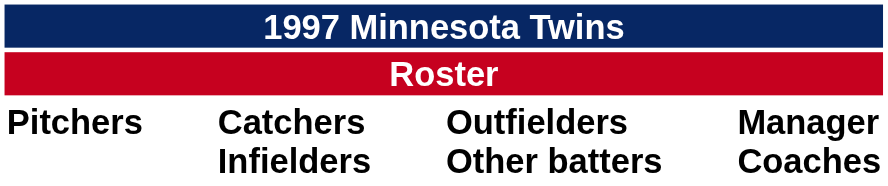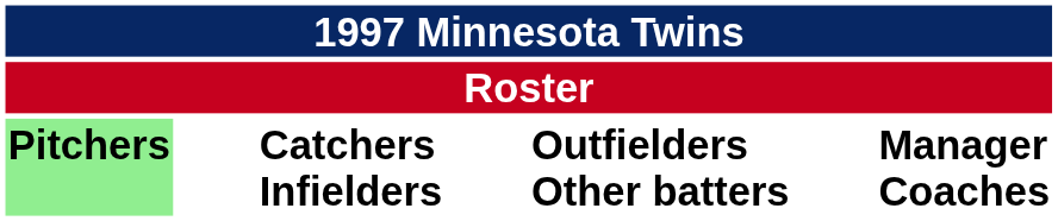 <table class="toccolours" style="font-size: 95%;">
 <tr>
 <th colspan="10" style="background-color: #072764; color: #FFFFFF; text-align: center;">1997 Minnesota Twins</th>
 </tr>
 <tr>
 <td colspan="10" style="background-color: #c6011f; color: white; text-align: center;"><strong>Roster</strong></td>
 </tr>
 <tr>
-<td valign="top"><strong>Pitchers</strong><br>                 </td>
+<td valign="top" style="background: lightgreen;"><strong>Pitchers</strong><br>                 </td>
 <td width="25px"></td>
 <td valign="top"><strong>Catchers</strong><br>    <strong>Infielders</strong>         </td>
 <td width="25px"></td>
 <td valign="top"><strong>Outfielders</strong><br>       <strong>Other batters</strong> </td>
 <td width="25px"></td>
 <td valign="top"><strong>Manager</strong><br> <strong>Coaches</strong>     </td>
 </tr>
 <tr>
 </tr>
 </table>
